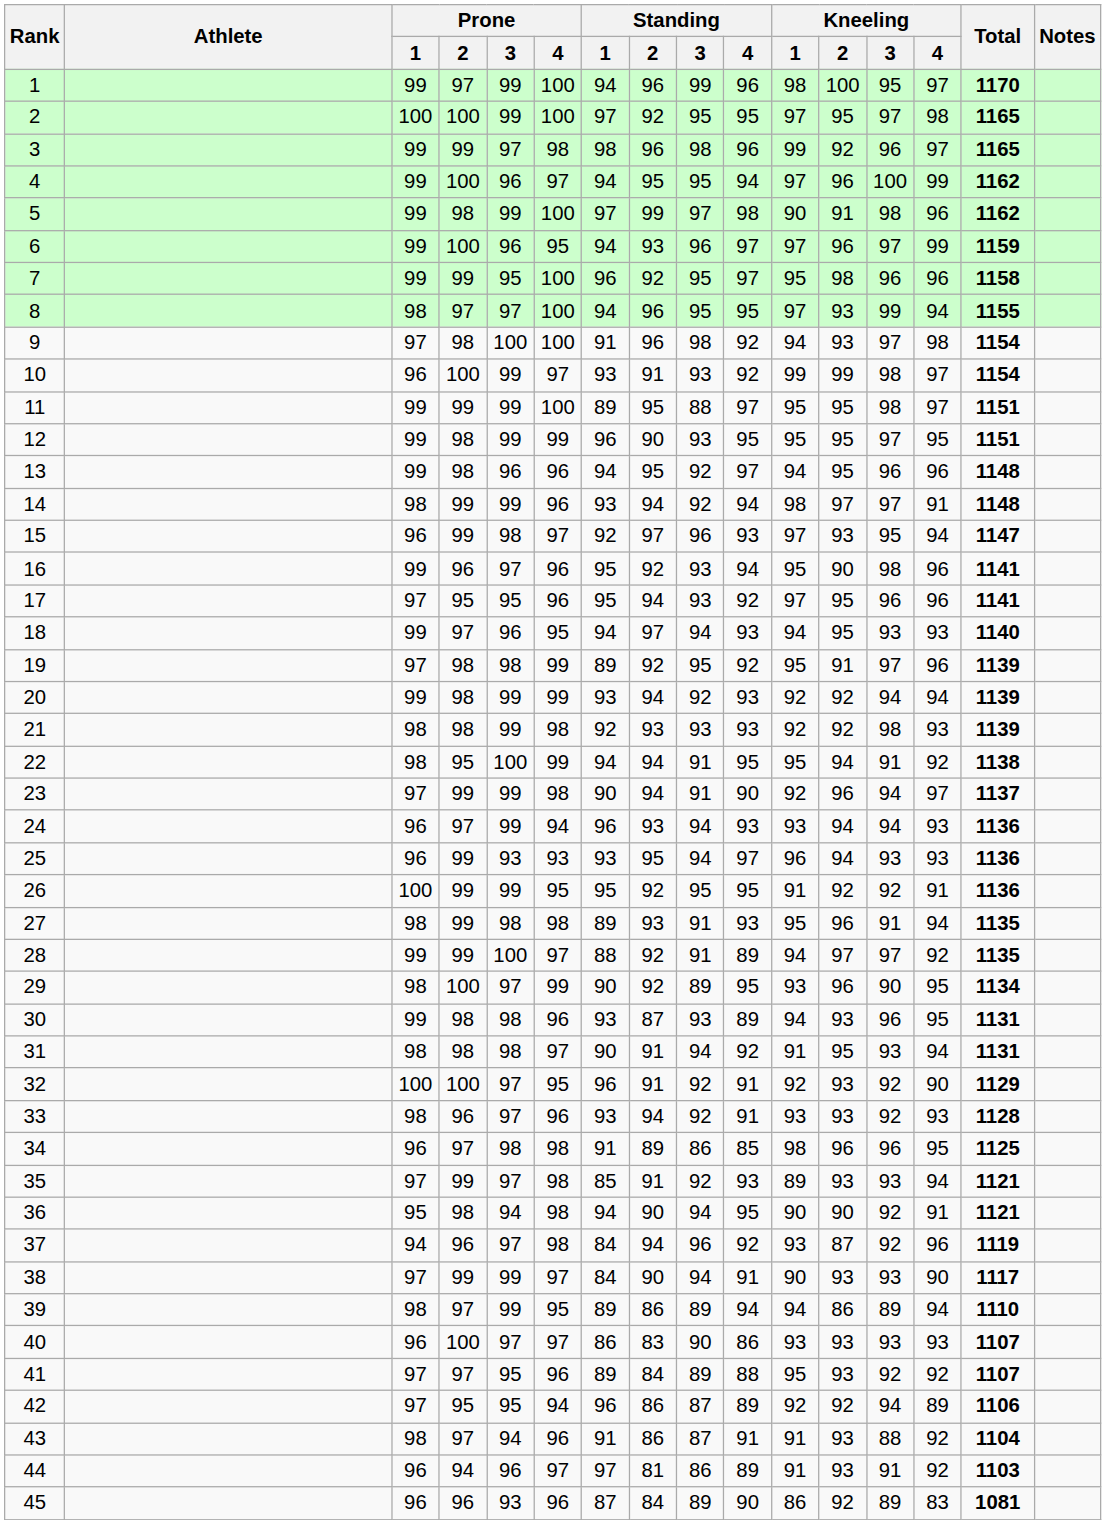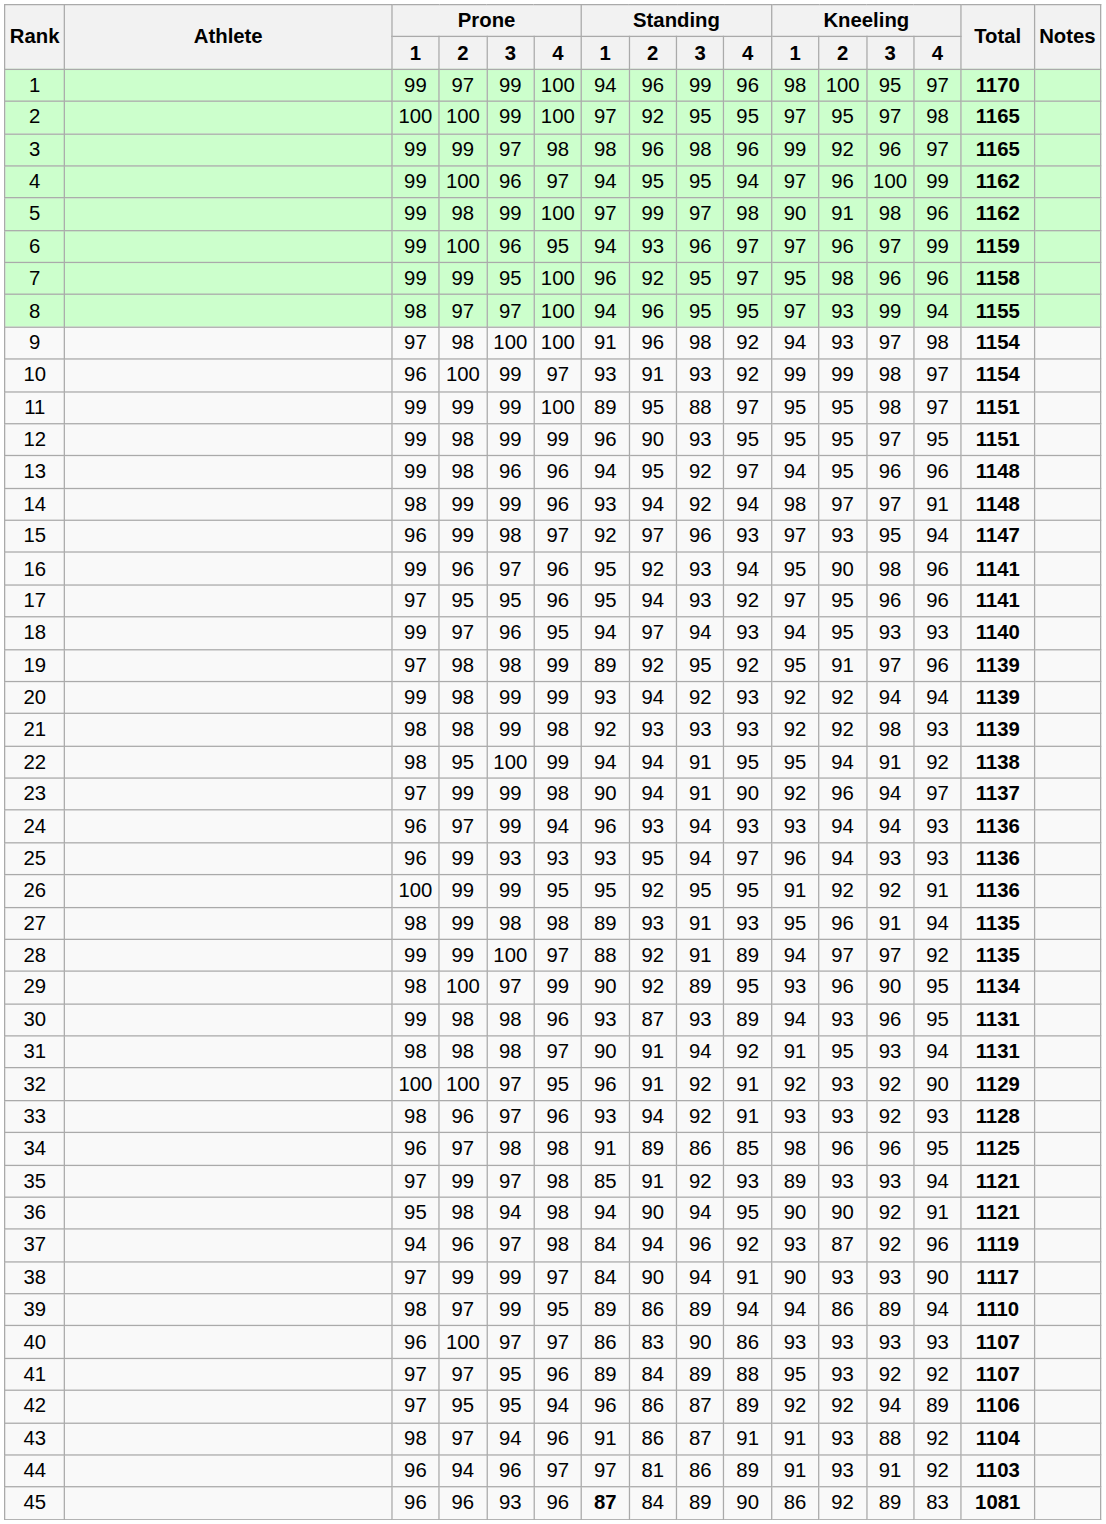 <table class="wikitable" style="text-align:center">
 <tr>
 <th rowspan=2 width=40>Rank</th>
 <th rowspan=2 width=250>Athlete</th>
 <th colspan=4>Prone</th>
 <th colspan=4>Standing</th>
 <th colspan=4>Kneeling</th>
 <th rowspan=2 width=50>Total</th>
 <th rowspan=2 width=45>Notes</th>
 </tr>
 <tr>
 <th width=30>1</th>
 <th width=30>2</th>
 <th width=30>3</th>
 <th width=30>4</th>
 <th width=30>1</th>
 <th width=30>2</th>
 <th width=30>3</th>
 <th width=30>4</th>
 <th width=30>1</th>
 <th width=30>2</th>
 <th width=30>3</th>
 <th width=30>4</th>
 </tr>
 <tr bgcolor=ccffcc>
 <td>1</td>
 <td align=left></td>
 <td>99</td>
 <td>97</td>
 <td>99</td>
 <td>100</td>
 <td>94</td>
 <td>96</td>
 <td>99</td>
 <td>96</td>
 <td>98</td>
 <td>100</td>
 <td>95</td>
 <td>97</td>
 <td><strong>1170</strong></td>
 <td></td>
 </tr>
 <tr bgcolor=ccffcc>
 <td>2</td>
 <td align=left></td>
 <td>100</td>
 <td>100</td>
 <td>99</td>
 <td>100</td>
 <td>97</td>
 <td>92</td>
 <td>95</td>
 <td>95</td>
 <td>97</td>
 <td>95</td>
 <td>97</td>
 <td>98</td>
 <td><strong>1165</strong></td>
 <td></td>
 </tr>
 <tr bgcolor=ccffcc>
 <td>3</td>
 <td align=left></td>
 <td>99</td>
 <td>99</td>
 <td>97</td>
 <td>98</td>
 <td>98</td>
 <td>96</td>
 <td>98</td>
 <td>96</td>
 <td>99</td>
 <td>92</td>
 <td>96</td>
 <td>97</td>
 <td><strong>1165</strong></td>
 <td></td>
 </tr>
 <tr bgcolor=ccffcc>
 <td>4</td>
 <td align=left></td>
 <td>99</td>
 <td>100</td>
 <td>96</td>
 <td>97</td>
 <td>94</td>
 <td>95</td>
 <td>95</td>
 <td>94</td>
 <td>97</td>
 <td>96</td>
 <td>100</td>
 <td>99</td>
 <td><strong>1162</strong></td>
 <td></td>
 </tr>
 <tr bgcolor=ccffcc>
 <td>5</td>
 <td align=left></td>
 <td>99</td>
 <td>98</td>
 <td>99</td>
 <td>100</td>
 <td>97</td>
 <td>99</td>
 <td>97</td>
 <td>98</td>
 <td>90</td>
 <td>91</td>
 <td>98</td>
 <td>96</td>
 <td><strong>1162</strong></td>
 <td></td>
 </tr>
 <tr bgcolor=ccffcc>
 <td>6</td>
 <td align=left></td>
 <td>99</td>
 <td>100</td>
 <td>96</td>
 <td>95</td>
 <td>94</td>
 <td>93</td>
 <td>96</td>
 <td>97</td>
 <td>97</td>
 <td>96</td>
 <td>97</td>
 <td>99</td>
 <td><strong>1159</strong></td>
 <td></td>
 </tr>
 <tr bgcolor=ccffcc>
 <td>7</td>
 <td align=left></td>
 <td>99</td>
 <td>99</td>
 <td>95</td>
 <td>100</td>
 <td>96</td>
 <td>92</td>
 <td>95</td>
 <td>97</td>
 <td>95</td>
 <td>98</td>
 <td>96</td>
 <td>96</td>
 <td><strong>1158</strong></td>
 <td></td>
 </tr>
 <tr bgcolor=ccffcc>
 <td>8</td>
 <td align=left></td>
 <td>98</td>
 <td>97</td>
 <td>97</td>
 <td>100</td>
 <td>94</td>
 <td>96</td>
 <td>95</td>
 <td>95</td>
 <td>97</td>
 <td>93</td>
 <td>99</td>
 <td>94</td>
 <td><strong>1155</strong></td>
 <td></td>
 </tr>
 <tr>
 <td>9</td>
 <td align=left></td>
 <td>97</td>
 <td>98</td>
 <td>100</td>
 <td>100</td>
 <td>91</td>
 <td>96</td>
 <td>98</td>
 <td>92</td>
 <td>94</td>
 <td>93</td>
 <td>97</td>
 <td>98</td>
 <td><strong>1154</strong></td>
 <td></td>
 </tr>
 <tr>
 <td>10</td>
 <td align=left></td>
 <td>96</td>
 <td>100</td>
 <td>99</td>
 <td>97</td>
 <td>93</td>
 <td>91</td>
 <td>93</td>
 <td>92</td>
 <td>99</td>
 <td>99</td>
 <td>98</td>
 <td>97</td>
 <td><strong>1154</strong></td>
 <td></td>
 </tr>
 <tr>
 <td>11</td>
 <td align=left></td>
 <td>99</td>
 <td>99</td>
 <td>99</td>
 <td>100</td>
 <td>89</td>
 <td>95</td>
 <td>88</td>
 <td>97</td>
 <td>95</td>
 <td>95</td>
 <td>98</td>
 <td>97</td>
 <td><strong>1151</strong></td>
 <td></td>
 </tr>
 <tr>
 <td>12</td>
 <td align=left></td>
 <td>99</td>
 <td>98</td>
 <td>99</td>
 <td>99</td>
 <td>96</td>
 <td>90</td>
 <td>93</td>
 <td>95</td>
 <td>95</td>
 <td>95</td>
 <td>97</td>
 <td>95</td>
 <td><strong>1151</strong></td>
 <td></td>
 </tr>
 <tr>
 <td>13</td>
 <td align=left></td>
 <td>99</td>
 <td>98</td>
 <td>96</td>
 <td>96</td>
 <td>94</td>
 <td>95</td>
 <td>92</td>
 <td>97</td>
 <td>94</td>
 <td>95</td>
 <td>96</td>
 <td>96</td>
 <td><strong>1148</strong></td>
 <td></td>
 </tr>
 <tr>
 <td>14</td>
 <td align=left></td>
 <td>98</td>
 <td>99</td>
 <td>99</td>
 <td>96</td>
 <td>93</td>
 <td>94</td>
 <td>92</td>
 <td>94</td>
 <td>98</td>
 <td>97</td>
 <td>97</td>
 <td>91</td>
 <td><strong>1148</strong></td>
 <td></td>
 </tr>
 <tr>
 <td>15</td>
 <td align=left></td>
 <td>96</td>
 <td>99</td>
 <td>98</td>
 <td>97</td>
 <td>92</td>
 <td>97</td>
 <td>96</td>
 <td>93</td>
 <td>97</td>
 <td>93</td>
 <td>95</td>
 <td>94</td>
 <td><strong>1147</strong></td>
 <td></td>
 </tr>
 <tr>
 <td>16</td>
 <td align=left></td>
 <td>99</td>
 <td>96</td>
 <td>97</td>
 <td>96</td>
 <td>95</td>
 <td>92</td>
 <td>93</td>
 <td>94</td>
 <td>95</td>
 <td>90</td>
 <td>98</td>
 <td>96</td>
 <td><strong>1141</strong></td>
 <td></td>
 </tr>
 <tr>
 <td>17</td>
 <td align=left></td>
 <td>97</td>
 <td>95</td>
 <td>95</td>
 <td>96</td>
 <td>95</td>
 <td>94</td>
 <td>93</td>
 <td>92</td>
 <td>97</td>
 <td>95</td>
 <td>96</td>
 <td>96</td>
 <td><strong>1141</strong></td>
 <td></td>
 </tr>
 <tr>
 <td>18</td>
 <td align=left></td>
 <td>99</td>
 <td>97</td>
 <td>96</td>
 <td>95</td>
 <td>94</td>
 <td>97</td>
 <td>94</td>
 <td>93</td>
 <td>94</td>
 <td>95</td>
 <td>93</td>
 <td>93</td>
 <td><strong>1140</strong></td>
 <td></td>
 </tr>
 <tr>
 <td>19</td>
 <td align=left></td>
 <td>97</td>
 <td>98</td>
 <td>98</td>
 <td>99</td>
 <td>89</td>
 <td>92</td>
 <td>95</td>
 <td>92</td>
 <td>95</td>
 <td>91</td>
 <td>97</td>
 <td>96</td>
 <td><strong>1139</strong></td>
 <td></td>
 </tr>
 <tr>
 <td>20</td>
 <td align=left></td>
 <td>99</td>
 <td>98</td>
 <td>99</td>
 <td>99</td>
 <td>93</td>
 <td>94</td>
 <td>92</td>
 <td>93</td>
 <td>92</td>
 <td>92</td>
 <td>94</td>
 <td>94</td>
 <td><strong>1139</strong></td>
 <td></td>
 </tr>
 <tr>
 <td>21</td>
 <td align=left></td>
 <td>98</td>
 <td>98</td>
 <td>99</td>
 <td>98</td>
 <td>92</td>
 <td>93</td>
 <td>93</td>
 <td>93</td>
 <td>92</td>
 <td>92</td>
 <td>98</td>
 <td>93</td>
 <td><strong>1139</strong></td>
 <td></td>
 </tr>
 <tr>
 <td>22</td>
 <td align=left></td>
 <td>98</td>
 <td>95</td>
 <td>100</td>
 <td>99</td>
 <td>94</td>
 <td>94</td>
 <td>91</td>
 <td>95</td>
 <td>95</td>
 <td>94</td>
 <td>91</td>
 <td>92</td>
 <td><strong>1138</strong></td>
 <td></td>
 </tr>
 <tr>
 <td>23</td>
 <td align=left></td>
 <td>97</td>
 <td>99</td>
 <td>99</td>
 <td>98</td>
 <td>90</td>
 <td>94</td>
 <td>91</td>
 <td>90</td>
 <td>92</td>
 <td>96</td>
 <td>94</td>
 <td>97</td>
 <td><strong>1137</strong></td>
 <td></td>
 </tr>
 <tr>
 <td>24</td>
 <td align=left></td>
 <td>96</td>
 <td>97</td>
 <td>99</td>
 <td>94</td>
 <td>96</td>
 <td>93</td>
 <td>94</td>
 <td>93</td>
 <td>93</td>
 <td>94</td>
 <td>94</td>
 <td>93</td>
 <td><strong>1136</strong></td>
 <td></td>
 </tr>
 <tr>
 <td>25</td>
 <td align=left></td>
 <td>96</td>
 <td>99</td>
 <td>93</td>
 <td>93</td>
 <td>93</td>
 <td>95</td>
 <td>94</td>
 <td>97</td>
 <td>96</td>
 <td>94</td>
 <td>93</td>
 <td>93</td>
 <td><strong>1136</strong></td>
 <td></td>
 </tr>
 <tr>
 <td>26</td>
 <td align=left></td>
 <td>100</td>
 <td>99</td>
 <td>99</td>
 <td>95</td>
 <td>95</td>
 <td>92</td>
 <td>95</td>
 <td>95</td>
 <td>91</td>
 <td>92</td>
 <td>92</td>
 <td>91</td>
 <td><strong>1136</strong></td>
 <td></td>
 </tr>
 <tr>
 <td>27</td>
 <td align=left></td>
 <td>98</td>
 <td>99</td>
 <td>98</td>
 <td>98</td>
 <td>89</td>
 <td>93</td>
 <td>91</td>
 <td>93</td>
 <td>95</td>
 <td>96</td>
 <td>91</td>
 <td>94</td>
 <td><strong>1135</strong></td>
 <td></td>
 </tr>
 <tr>
 <td>28</td>
 <td align=left></td>
 <td>99</td>
 <td>99</td>
 <td>100</td>
 <td>97</td>
 <td>88</td>
 <td>92</td>
 <td>91</td>
 <td>89</td>
 <td>94</td>
 <td>97</td>
 <td>97</td>
 <td>92</td>
 <td><strong>1135</strong></td>
 <td></td>
 </tr>
 <tr>
 <td>29</td>
 <td align=left></td>
 <td>98</td>
 <td>100</td>
 <td>97</td>
 <td>99</td>
 <td>90</td>
 <td>92</td>
 <td>89</td>
 <td>95</td>
 <td>93</td>
 <td>96</td>
 <td>90</td>
 <td>95</td>
 <td><strong>1134</strong></td>
 <td></td>
 </tr>
 <tr>
 <td>30</td>
 <td align=left></td>
 <td>99</td>
 <td>98</td>
 <td>98</td>
 <td>96</td>
 <td>93</td>
 <td>87</td>
 <td>93</td>
 <td>89</td>
 <td>94</td>
 <td>93</td>
 <td>96</td>
 <td>95</td>
 <td><strong>1131</strong></td>
 <td></td>
 </tr>
 <tr>
 <td>31</td>
 <td align=left></td>
 <td>98</td>
 <td>98</td>
 <td>98</td>
 <td>97</td>
 <td>90</td>
 <td>91</td>
 <td>94</td>
 <td>92</td>
 <td>91</td>
 <td>95</td>
 <td>93</td>
 <td>94</td>
 <td><strong>1131</strong></td>
 <td></td>
 </tr>
 <tr>
 <td>32</td>
 <td align=left></td>
 <td>100</td>
 <td>100</td>
 <td>97</td>
 <td>95</td>
 <td>96</td>
 <td>91</td>
 <td>92</td>
 <td>91</td>
 <td>92</td>
 <td>93</td>
 <td>92</td>
 <td>90</td>
 <td><strong>1129</strong></td>
 <td></td>
 </tr>
 <tr>
 <td>33</td>
 <td align=left></td>
 <td>98</td>
 <td>96</td>
 <td>97</td>
 <td>96</td>
 <td>93</td>
 <td>94</td>
 <td>92</td>
 <td>91</td>
 <td>93</td>
 <td>93</td>
 <td>92</td>
 <td>93</td>
 <td><strong>1128</strong></td>
 <td></td>
 </tr>
 <tr>
 <td>34</td>
 <td align=left></td>
 <td>96</td>
 <td>97</td>
 <td>98</td>
 <td>98</td>
 <td>91</td>
 <td>89</td>
 <td>86</td>
 <td>85</td>
 <td>98</td>
 <td>96</td>
 <td>96</td>
 <td>95</td>
 <td><strong>1125</strong></td>
 <td></td>
 </tr>
 <tr>
 <td>35</td>
 <td align=left></td>
 <td>97</td>
 <td>99</td>
 <td>97</td>
 <td>98</td>
 <td>85</td>
 <td>91</td>
 <td>92</td>
 <td>93</td>
 <td>89</td>
 <td>93</td>
 <td>93</td>
 <td>94</td>
 <td><strong>1121</strong></td>
 <td></td>
 </tr>
 <tr>
 <td>36</td>
 <td align=left></td>
 <td>95</td>
 <td>98</td>
 <td>94</td>
 <td>98</td>
 <td>94</td>
 <td>90</td>
 <td>94</td>
 <td>95</td>
 <td>90</td>
 <td>90</td>
 <td>92</td>
 <td>91</td>
 <td><strong>1121</strong></td>
 <td></td>
 </tr>
 <tr>
 <td>37</td>
 <td align=left></td>
 <td>94</td>
 <td>96</td>
 <td>97</td>
 <td>98</td>
 <td>84</td>
 <td>94</td>
 <td>96</td>
 <td>92</td>
 <td>93</td>
 <td>87</td>
 <td>92</td>
 <td>96</td>
 <td><strong>1119</strong></td>
 <td></td>
 </tr>
 <tr>
 <td>38</td>
 <td align=left></td>
 <td>97</td>
 <td>99</td>
 <td>99</td>
 <td>97</td>
 <td>84</td>
 <td>90</td>
 <td>94</td>
 <td>91</td>
 <td>90</td>
 <td>93</td>
 <td>93</td>
 <td>90</td>
 <td><strong>1117</strong></td>
 <td></td>
 </tr>
 <tr>
 <td>39</td>
 <td align=left></td>
 <td>98</td>
 <td>97</td>
 <td>99</td>
 <td>95</td>
 <td>89</td>
 <td>86</td>
 <td>89</td>
 <td>94</td>
 <td>94</td>
 <td>86</td>
 <td>89</td>
 <td>94</td>
 <td><strong>1110</strong></td>
 <td></td>
 </tr>
 <tr>
 <td>40</td>
 <td align=left></td>
 <td>96</td>
 <td>100</td>
 <td>97</td>
 <td>97</td>
 <td>86</td>
 <td>83</td>
 <td>90</td>
 <td>86</td>
 <td>93</td>
 <td>93</td>
 <td>93</td>
 <td>93</td>
 <td><strong>1107</strong></td>
 <td></td>
 </tr>
 <tr>
 <td>41</td>
 <td align=left></td>
 <td>97</td>
 <td>97</td>
 <td>95</td>
 <td>96</td>
 <td>89</td>
 <td>84</td>
 <td>89</td>
 <td>88</td>
 <td>95</td>
 <td>93</td>
 <td>92</td>
 <td>92</td>
 <td><strong>1107</strong></td>
 <td></td>
 </tr>
 <tr>
 <td>42</td>
 <td align=left></td>
 <td>97</td>
 <td>95</td>
 <td>95</td>
 <td>94</td>
 <td>96</td>
 <td>86</td>
 <td>87</td>
 <td>89</td>
 <td>92</td>
 <td>92</td>
 <td>94</td>
 <td>89</td>
 <td><strong>1106</strong></td>
 <td></td>
 </tr>
 <tr>
 <td>43</td>
 <td align=left></td>
 <td>98</td>
 <td>97</td>
 <td>94</td>
 <td>96</td>
 <td>91</td>
 <td>86</td>
 <td>87</td>
 <td>91</td>
 <td>91</td>
 <td>93</td>
 <td>88</td>
 <td>92</td>
 <td><strong>1104</strong></td>
 <td></td>
 </tr>
 <tr>
 <td>44</td>
 <td align=left></td>
 <td>96</td>
 <td>94</td>
 <td>96</td>
 <td>97</td>
 <td>97</td>
 <td>81</td>
 <td>86</td>
 <td>89</td>
 <td>91</td>
 <td>93</td>
 <td>91</td>
 <td>92</td>
 <td><strong>1103</strong></td>
 <td></td>
 </tr>
 <tr>
 <td>45</td>
 <td align=left></td>
 <td>96</td>
 <td>96</td>
 <td>93</td>
 <td>96</td>
-<td>87</td>
+<td><strong>87</strong></td>
 <td>84</td>
 <td>89</td>
 <td>90</td>
 <td>86</td>
 <td>92</td>
 <td>89</td>
 <td>83</td>
 <td><strong>1081</strong></td>
 <td></td>
 </tr>
 </table>
